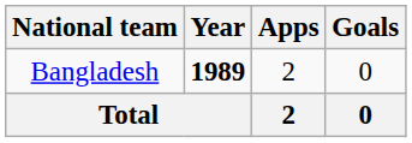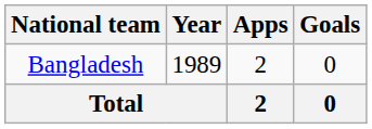 <table class="wikitable" style="text-align: center;">
 <tr>
 <th>National team</th>
 <th>Year</th>
 <th>Apps</th>
 <th>Goals</th>
 </tr>
 <tr>
 <td><a href='#'>Bangladesh</a></td>
-<td><strong>1989</strong></td>
+<td>1989</td>
 <td>2</td>
 <td>0</td>
 </tr>
 <tr>
 <th colspan="2">Total</th>
 <th>2</th>
 <th>0</th>
 </tr>
 </table>
